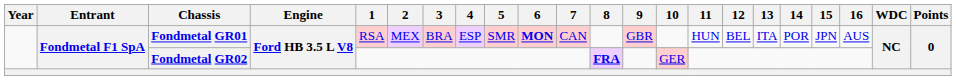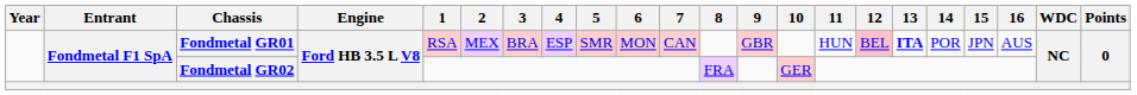 <table class="wikitable" style="text-align:center; font-size:85%">
 <tr>
 <th>Year</th>
 <th>Entrant</th>
 <th>Chassis</th>
 <th>Engine</th>
 <th>1</th>
 <th>2</th>
 <th>3</th>
 <th>4</th>
 <th>5</th>
 <th>6</th>
 <th>7</th>
 <th>8</th>
 <th>9</th>
 <th>10</th>
 <th>11</th>
 <th>12</th>
 <th>13</th>
 <th>14</th>
 <th>15</th>
 <th>16</th>
 <th>WDC</th>
 <th>Points</th>
 </tr>
 <tr>
 <td rowspan=2></td>
 <th rowspan=2 nowrap><a href='#'>Fondmetal F1 SpA</a></th>
 <th nowrap><a href='#'>Fondmetal</a> <a href='#'>GR01</a></th>
 <th rowspan=2 nowrap><a href='#'>Ford</a> HB 3.5 L <a href='#'>V8</a></th>
 <td style="background:#FFCFCF;"><a href='#'>RSA</a><br></td>
 <td style="background:#EFCFFF;"><a href='#'>MEX</a><br></td>
 <td style="background:#FFCFCF;"><a href='#'>BRA</a><br></td>
 <td style="background:#EFCFFF;"><a href='#'>ESP</a><br></td>
 <td style="background:#FFCFCF;"><a href='#'>SMR</a><br></td>
-<td style="background:#FFCFCF;"><strong><a href='#'>MON</a><br></strong></td>
+<td style="background:#FFCFCF;"><a href='#'>MON</a><br></td>
 <td style="background:#FFCFCF;"><a href='#'>CAN</a><br></td>
 <td></td>
 <td style="background:#FFCFCF;"><a href='#'>GBR</a><br></td>
 <td></td>
 <td><a href='#'>HUN</a></td>
-<td><a href='#'>BEL</a></td>
-<td><a href='#'>ITA</a></td>
+<td style="background: pink;"><a href='#'>BEL</a></td>
+<td><strong><a href='#'>ITA</a></strong></td>
 <td><a href='#'>POR</a></td>
 <td><a href='#'>JPN</a></td>
 <td><a href='#'>AUS</a></td>
 <th rowspan=2>NC</th>
 <th rowspan=2>0</th>
 </tr>
 <tr>
 <th nowrap><a href='#'>Fondmetal</a> <a href='#'>GR02</a></th>
 <td colspan=7></td>
-<td style="background:#EFCFFF;"><strong><a href='#'>FRA</a><br></strong></td>
+<td style="background:#EFCFFF;"><a href='#'>FRA</a><br></td>
 <td></td>
 <td style="background:#FFCFCF;"><a href='#'>GER</a><br></td>
 <td colspan=6></td>
 </tr>
 <tr>
 <th colspan="22"></th>
 </tr>
 </table>
